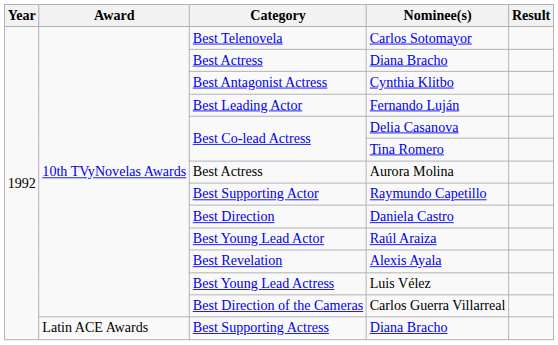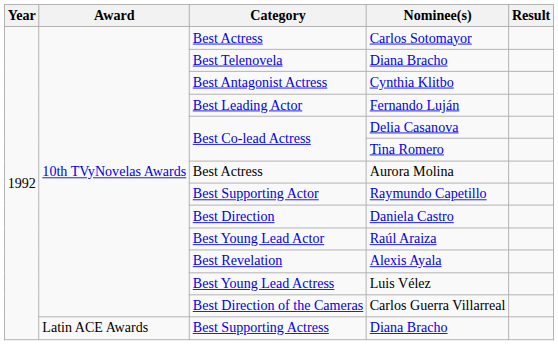 <table class="wikitable">
 <tr style="background:#b0c4de;">
 <th>Year</th>
 <th>Award</th>
 <th>Category</th>
 <th>Nominee(s)</th>
 <th>Result</th>
 </tr>
 <tr>
 <td rowspan=14>1992</td>
 <td rowspan=13><a href='#'>10th TVyNovelas Awards</a></td>
-<td><a href='#'>Best Telenovela</a></td>
+<td><a href='#'>Best Actress</a></td>
 <td><a href='#'>Carlos Sotomayor</a></td>
 <td></td>
 </tr>
 <tr>
-<td><a href='#'>Best Actress</a></td>
+<td><a href='#'>Best Telenovela</a></td>
 <td><a href='#'>Diana Bracho</a></td>
 <td></td>
 </tr>
 <tr>
 <td><a href='#'>Best Antagonist Actress</a></td>
 <td><a href='#'>Cynthia Klitbo</a></td>
 <td></td>
 </tr>
 <tr>
 <td><a href='#'>Best Leading Actor</a></td>
 <td><a href='#'>Fernando Luján</a></td>
 <td></td>
 </tr>
 <tr>
 <td rowspan=2><a href='#'>Best Co-lead Actress</a></td>
 <td><a href='#'>Delia Casanova</a></td>
 <td></td>
 </tr>
 <tr>
 <td><a href='#'>Tina Romero</a></td>
 <td></td>
 </tr>
 <tr>
 <td>Best Actress</td>
 <td>Aurora Molina</td>
 <td></td>
 </tr>
 <tr>
 <td><a href='#'>Best Supporting Actor</a></td>
 <td><a href='#'>Raymundo Capetillo</a></td>
 <td></td>
 </tr>
 <tr>
 <td><a href='#'>Best Direction</a></td>
 <td><a href='#'>Daniela Castro</a></td>
 <td></td>
 </tr>
 <tr>
 <td><a href='#'>Best Young Lead Actor</a></td>
 <td><a href='#'>Raúl Araiza</a></td>
 <td></td>
 </tr>
 <tr>
 <td><a href='#'>Best Revelation</a></td>
 <td><a href='#'>Alexis Ayala</a></td>
 <td></td>
 </tr>
 <tr>
 <td><a href='#'>Best Young Lead Actress</a></td>
 <td>Luis Vélez</td>
 <td></td>
 </tr>
 <tr>
 <td><a href='#'>Best Direction of the Cameras</a></td>
 <td>Carlos Guerra Villarreal</td>
 <td></td>
 </tr>
 <tr>
 <td>Latin ACE Awards</td>
 <td><a href='#'>Best Supporting Actress</a></td>
 <td><a href='#'>Diana Bracho</a></td>
 <td></td>
 </tr>
 </table>
